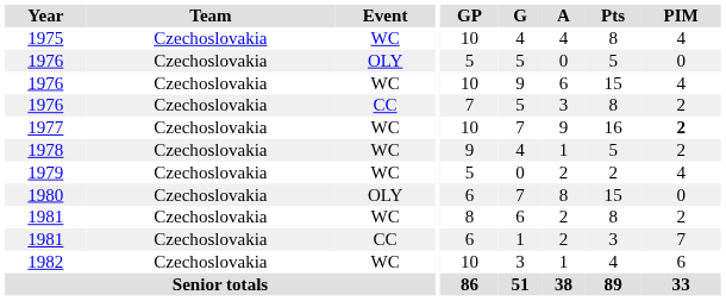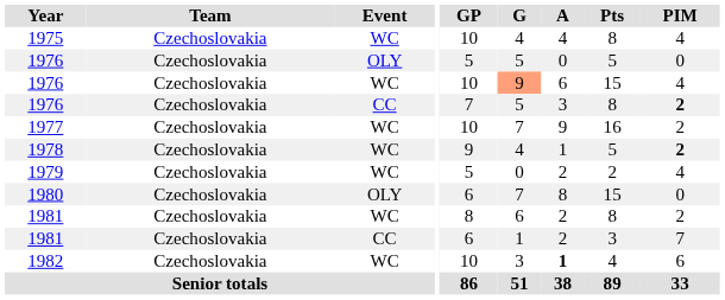 <table border="0" cellpadding="1" cellspacing="0" ID="Table3" style="text-align:center; width:40em">
 <tr bgcolor="#e0e0e0">
 <th>Year</th>
 <th>Team</th>
 <th>Event</th>
 <th rowspan="102" bgcolor="#ffffff"></th>
 <th>GP</th>
 <th>G</th>
 <th>A</th>
 <th>Pts</th>
 <th>PIM</th>
 </tr>
 <tr>
 <td><a href='#'>1975</a></td>
 <td><a href='#'>Czechoslovakia</a></td>
 <td><a href='#'>WC</a></td>
 <td>10</td>
 <td>4</td>
 <td>4</td>
 <td>8</td>
 <td>4</td>
 </tr>
 <tr bgcolor="#f0f0f0">
 <td><a href='#'>1976</a></td>
 <td>Czechoslovakia</td>
 <td><a href='#'>OLY</a></td>
 <td>5</td>
 <td>5</td>
 <td>0</td>
 <td>5</td>
 <td>0</td>
 </tr>
 <tr>
 <td><a href='#'>1976</a></td>
 <td>Czechoslovakia</td>
 <td>WC</td>
 <td>10</td>
-<td>9</td>
+<td style="background: lightsalmon;">9</td>
 <td>6</td>
 <td>15</td>
 <td>4</td>
 </tr>
 <tr bgcolor="#f0f0f0">
 <td><a href='#'>1976</a></td>
 <td>Czechoslovakia</td>
 <td><a href='#'>CC</a></td>
 <td>7</td>
 <td>5</td>
 <td>3</td>
 <td>8</td>
-<td>2</td>
+<td><strong>2</strong></td>
 </tr>
 <tr>
 <td><a href='#'>1977</a></td>
 <td>Czechoslovakia</td>
 <td>WC</td>
 <td>10</td>
 <td>7</td>
 <td>9</td>
 <td>16</td>
-<td><strong>2</strong></td>
+<td>2</td>
 </tr>
 <tr bgcolor="#f0f0f0">
 <td><a href='#'>1978</a></td>
 <td>Czechoslovakia</td>
 <td>WC</td>
 <td>9</td>
 <td>4</td>
 <td>1</td>
 <td>5</td>
-<td>2</td>
+<td><strong>2</strong></td>
 </tr>
 <tr>
 <td><a href='#'>1979</a></td>
 <td>Czechoslovakia</td>
 <td>WC</td>
 <td>5</td>
 <td>0</td>
 <td>2</td>
 <td>2</td>
 <td>4</td>
 </tr>
 <tr bgcolor="#f0f0f0">
 <td><a href='#'>1980</a></td>
 <td>Czechoslovakia</td>
 <td>OLY</td>
 <td>6</td>
 <td>7</td>
 <td>8</td>
 <td>15</td>
 <td>0</td>
 </tr>
 <tr>
 <td><a href='#'>1981</a></td>
 <td>Czechoslovakia</td>
 <td>WC</td>
 <td>8</td>
 <td>6</td>
 <td>2</td>
 <td>8</td>
 <td>2</td>
 </tr>
 <tr bgcolor="#f0f0f0">
 <td><a href='#'>1981</a></td>
 <td>Czechoslovakia</td>
 <td>CC</td>
 <td>6</td>
 <td>1</td>
 <td>2</td>
 <td>3</td>
 <td>7</td>
 </tr>
 <tr>
 <td><a href='#'>1982</a></td>
 <td>Czechoslovakia</td>
 <td>WC</td>
 <td>10</td>
 <td>3</td>
-<td>1</td>
+<td><strong>1</strong></td>
 <td>4</td>
 <td>6</td>
 </tr>
 <tr bgcolor="#e0e0e0">
 <th colspan=3>Senior totals</th>
 <th>86</th>
 <th>51</th>
 <th>38</th>
 <th>89</th>
 <th>33</th>
 </tr>
 </table>
